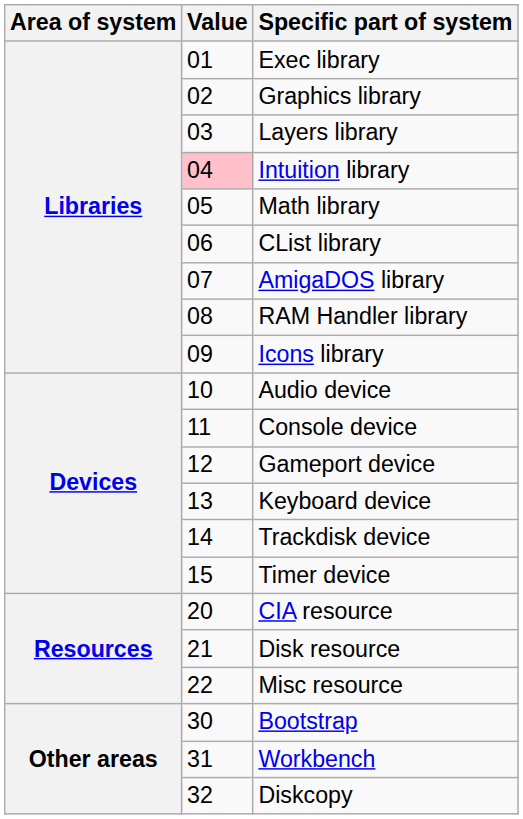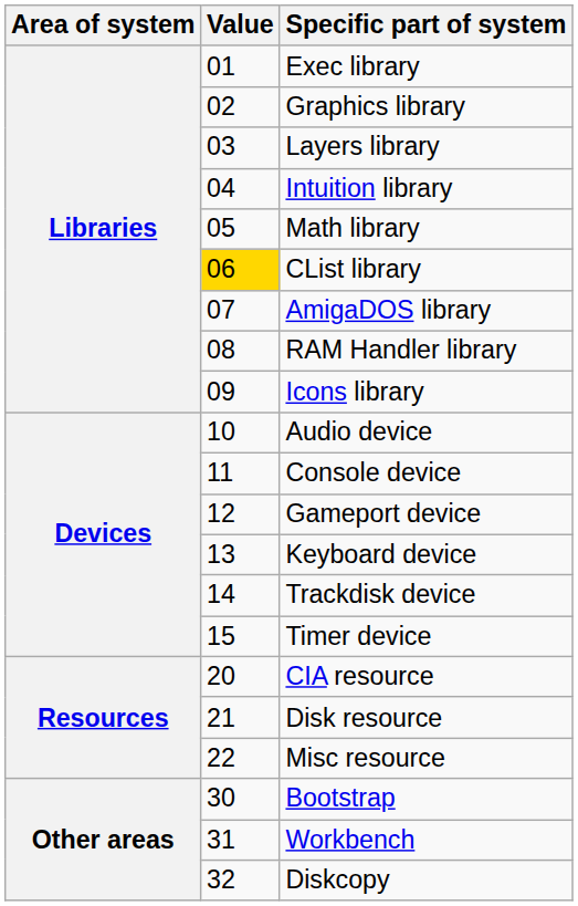 <table class="wikitable">
 <tr>
 <th>Area of system</th>
 <th>Value</th>
 <th>Specific part of system</th>
 </tr>
 <tr>
 <th rowspan="9"><a href='#'>Libraries</a></th>
 <td>01</td>
 <td>Exec library</td>
 </tr>
 <tr>
 <td>02</td>
 <td>Graphics library</td>
 </tr>
 <tr>
 <td>03</td>
 <td>Layers library</td>
 </tr>
 <tr>
-<td style="background: pink;">04</td>
+<td>04</td>
 <td><a href='#'>Intuition</a> library</td>
 </tr>
 <tr>
 <td>05</td>
 <td>Math library</td>
 </tr>
 <tr>
-<td>06</td>
+<td style="background: gold;">06</td>
 <td>CList library</td>
 </tr>
 <tr>
 <td>07</td>
 <td><a href='#'>AmigaDOS</a> library</td>
 </tr>
 <tr>
 <td>08</td>
 <td>RAM Handler library</td>
 </tr>
 <tr>
 <td>09</td>
 <td><a href='#'>Icons</a> library</td>
 </tr>
 <tr>
 <th rowspan="6"><a href='#'>Devices</a></th>
 <td>10</td>
 <td>Audio device</td>
 </tr>
 <tr>
 <td>11</td>
 <td>Console device</td>
 </tr>
 <tr>
 <td>12</td>
 <td>Gameport device</td>
 </tr>
 <tr>
 <td>13</td>
 <td>Keyboard device</td>
 </tr>
 <tr>
 <td>14</td>
 <td>Trackdisk device</td>
 </tr>
 <tr>
 <td>15</td>
 <td>Timer device</td>
 </tr>
 <tr>
 <th rowspan="3"><a href='#'>Resources</a></th>
 <td>20</td>
 <td><a href='#'>CIA</a> resource</td>
 </tr>
 <tr>
 <td>21</td>
 <td>Disk resource</td>
 </tr>
 <tr>
 <td>22</td>
 <td>Misc resource</td>
 </tr>
 <tr>
 <th rowspan="3">Other areas</th>
 <td>30</td>
 <td><a href='#'>Bootstrap</a></td>
 </tr>
 <tr>
 <td>31</td>
 <td><a href='#'>Workbench</a></td>
 </tr>
 <tr>
 <td>32</td>
 <td>Diskcopy</td>
 </tr>
 </table>
